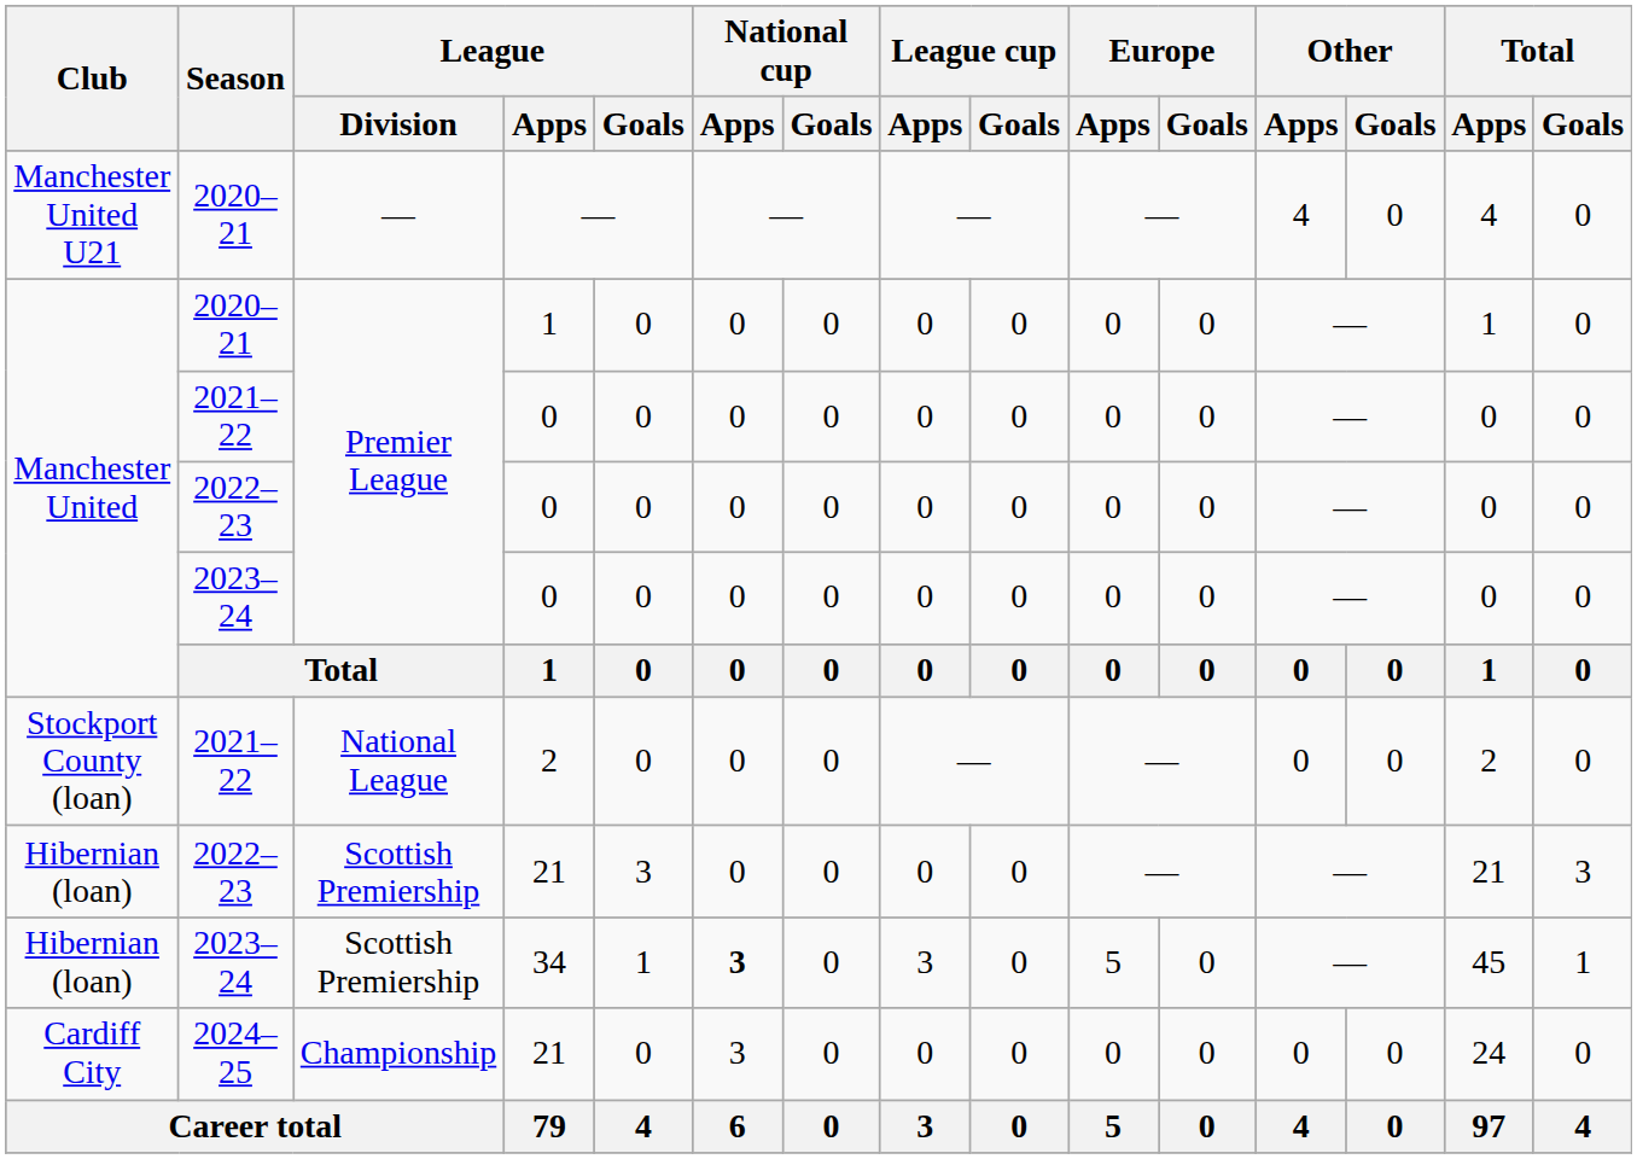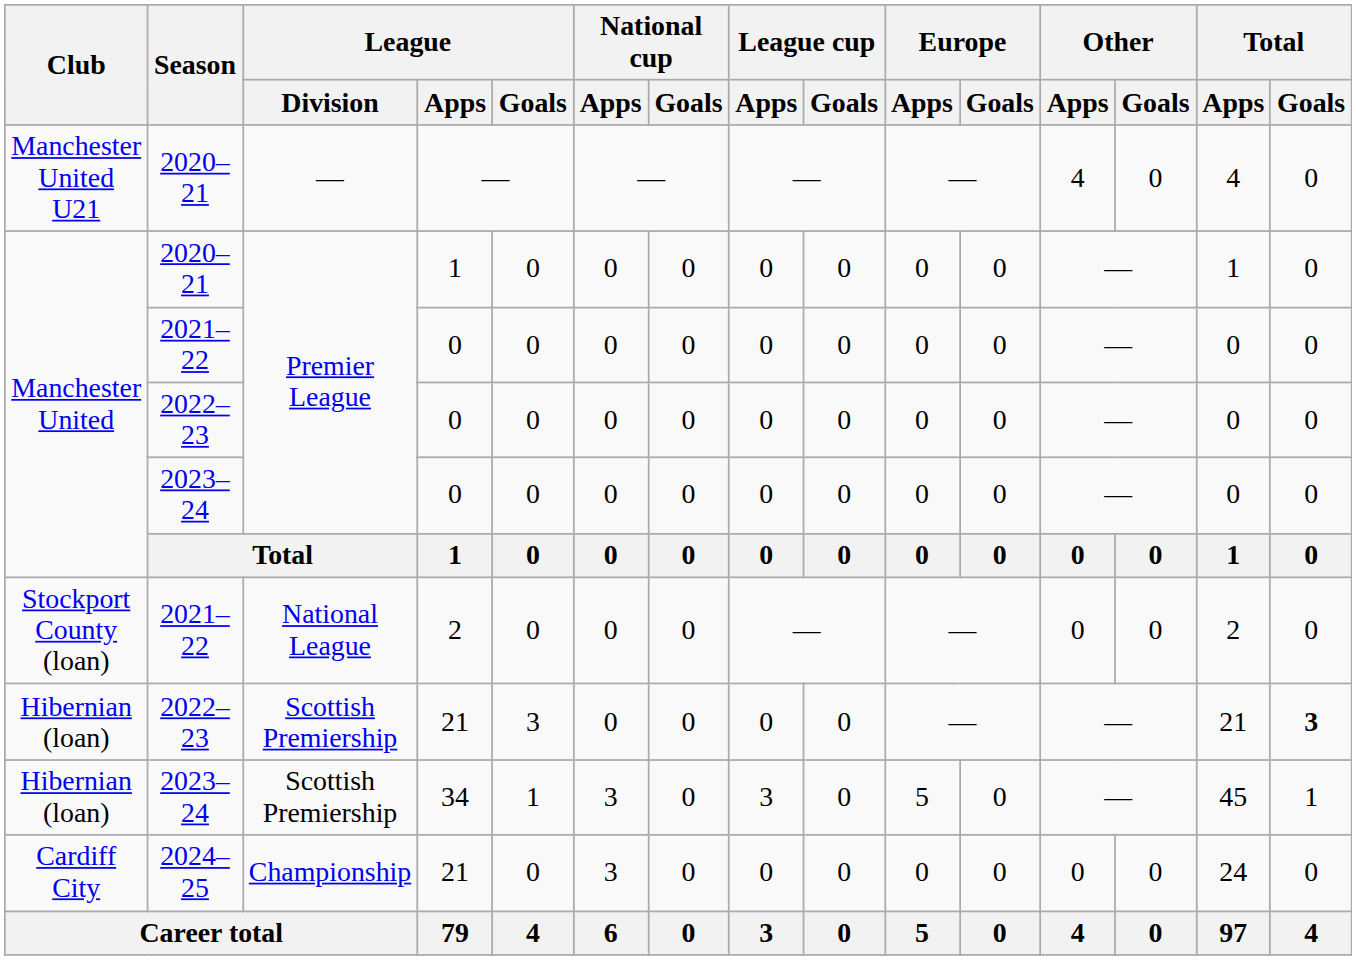 <table class=wikitable style=text-align:center>
 <tr>
 <th rowspan=2>Club</th>
 <th rowspan=2>Season</th>
 <th colspan=3>League</th>
 <th colspan=2>National cup</th>
 <th colspan=2>League cup</th>
 <th colspan=2>Europe</th>
 <th colspan=2>Other</th>
 <th colspan=2>Total</th>
 </tr>
 <tr>
 <th>Division</th>
 <th>Apps</th>
 <th>Goals</th>
 <th>Apps</th>
 <th>Goals</th>
 <th>Apps</th>
 <th>Goals</th>
 <th>Apps</th>
 <th>Goals</th>
 <th>Apps</th>
 <th>Goals</th>
 <th>Apps</th>
 <th>Goals</th>
 </tr>
 <tr>
 <td><a href='#'>Manchester United U21</a></td>
 <td><a href='#'>2020–21</a></td>
 <td>—</td>
 <td colspan=2>—</td>
 <td colspan=2>—</td>
 <td colspan=2>—</td>
 <td colspan=2>—</td>
 <td>4</td>
 <td>0</td>
 <td>4</td>
 <td>0</td>
 </tr>
 <tr>
 <td rowspan="5"><a href='#'>Manchester United</a></td>
 <td><a href='#'>2020–21</a></td>
 <td rowspan="4"><a href='#'>Premier League</a></td>
 <td>1</td>
 <td>0</td>
 <td>0</td>
 <td>0</td>
 <td>0</td>
 <td>0</td>
 <td>0</td>
 <td>0</td>
 <td colspan=2>—</td>
 <td>1</td>
 <td>0</td>
 </tr>
 <tr>
 <td><a href='#'>2021–22</a></td>
 <td>0</td>
 <td>0</td>
 <td>0</td>
 <td>0</td>
 <td>0</td>
 <td>0</td>
 <td>0</td>
 <td>0</td>
 <td colspan=2>—</td>
 <td>0</td>
 <td>0</td>
 </tr>
 <tr>
 <td><a href='#'>2022–23</a></td>
 <td>0</td>
 <td>0</td>
 <td>0</td>
 <td>0</td>
 <td>0</td>
 <td>0</td>
 <td>0</td>
 <td>0</td>
 <td colspan=2>—</td>
 <td>0</td>
 <td>0</td>
 </tr>
 <tr>
 <td><a href='#'>2023–24</a></td>
 <td>0</td>
 <td>0</td>
 <td>0</td>
 <td>0</td>
 <td>0</td>
 <td>0</td>
 <td>0</td>
 <td>0</td>
 <td colspan=2>—</td>
 <td>0</td>
 <td>0</td>
 </tr>
 <tr>
 <th colspan="2">Total</th>
 <th>1</th>
 <th>0</th>
 <th>0</th>
 <th>0</th>
 <th>0</th>
 <th>0</th>
 <th>0</th>
 <th>0</th>
 <th>0</th>
 <th>0</th>
 <th>1</th>
 <th>0</th>
 </tr>
 <tr>
 <td><a href='#'>Stockport County</a> (loan)</td>
 <td><a href='#'>2021–22</a></td>
 <td><a href='#'>National League</a></td>
 <td>2</td>
 <td>0</td>
 <td>0</td>
 <td>0</td>
 <td colspan=2>—</td>
 <td colspan=2>—</td>
 <td>0</td>
 <td>0</td>
 <td>2</td>
 <td>0</td>
 </tr>
 <tr>
 <td><a href='#'>Hibernian</a> (loan)</td>
 <td><a href='#'>2022–23</a></td>
 <td><a href='#'>Scottish Premiership</a></td>
 <td>21</td>
 <td>3</td>
 <td>0</td>
 <td>0</td>
 <td>0</td>
 <td>0</td>
 <td colspan=2>—</td>
 <td colspan=2>—</td>
 <td>21</td>
-<td>3</td>
+<td><strong>3</strong></td>
 </tr>
 <tr>
 <td><a href='#'>Hibernian</a> (loan)</td>
 <td><a href='#'>2023–24</a></td>
 <td>Scottish Premiership</td>
 <td>34</td>
 <td>1</td>
-<td><strong>3</strong></td>
+<td>3</td>
 <td>0</td>
 <td>3</td>
 <td>0</td>
 <td>5</td>
 <td>0</td>
 <td colspan=2>—</td>
 <td>45</td>
 <td>1</td>
 </tr>
 <tr>
 <td><a href='#'>Cardiff City</a></td>
 <td><a href='#'>2024–25</a></td>
 <td><a href='#'>Championship</a></td>
 <td>21</td>
 <td>0</td>
 <td>3</td>
 <td>0</td>
 <td>0</td>
 <td>0</td>
 <td>0</td>
 <td>0</td>
 <td>0</td>
 <td>0</td>
 <td>24</td>
 <td>0</td>
 </tr>
 <tr>
 <th colspan=3>Career total</th>
 <th>79</th>
 <th>4</th>
 <th>6</th>
 <th>0</th>
 <th>3</th>
 <th>0</th>
 <th>5</th>
 <th>0</th>
 <th>4</th>
 <th>0</th>
 <th>97</th>
 <th>4</th>
 </tr>
 </table>
